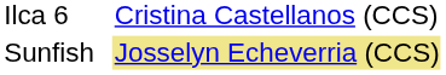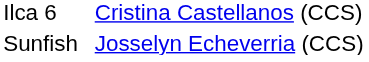 <table>
 <tr>
 <td>Ilca 6</td>
 <td></td>
 <td></td>
 <td><a href='#'>Cristina Castellanos</a> (CCS)</td>
 </tr>
 <tr>
 <td>Sunfish</td>
 <td></td>
 <td></td>
-<td style="background: khaki;"><a href='#'>Josselyn Echeverria</a> (CCS)</td>
+<td><a href='#'>Josselyn Echeverria</a> (CCS)</td>
 </tr>
 </table>
